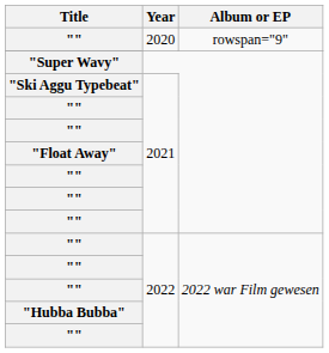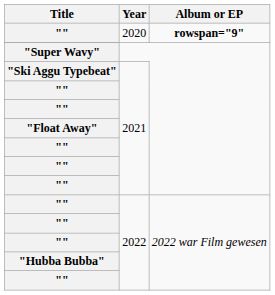 <table class="wikitable plainrowheaders" style="text-align:center;">
 <tr>
 <th scope="col">Title</th>
 <th scope="col">Year</th>
 <th scope="col">Album or EP</th>
 </tr>
 <tr>
 <th scope="row">""</th>
 <td rowspan="2">2020</td>
-<td>rowspan="9" </td>
+<td><strong>rowspan="9" </strong></td>
 </tr>
 <tr>
 </tr>
 <tr>
 <th scope="row">"Super Wavy"<br></th>
 </tr>
 <tr>
 <th scope="row">"Ski Aggu Typebeat"</th>
 <td rowspan="7">2021</td>
 </tr>
 <tr>
 <th scope="row">""</th>
 </tr>
 <tr>
 <th scope="row">""<br></th>
 </tr>
 <tr>
 <th scope="row">"Float Away"<br></th>
 </tr>
 <tr>
 <th scope="row">""</th>
 </tr>
 <tr>
 <th scope="row">""</th>
 </tr>
 <tr>
 <th scope="row">""<br></th>
 </tr>
 <tr>
 <th scope="row">""</th>
 <td rowspan="5">2022</td>
 <td rowspan="5"><em>2022 war Film gewesen</em></td>
 </tr>
 <tr>
 <th scope="row">""<br></th>
 </tr>
 <tr>
 <th scope="row">""</th>
 </tr>
 <tr>
 <th scope="row">"Hubba Bubba"</th>
 </tr>
 <tr>
 <th scope="row">""<br></th>
 </tr>
 </table>
